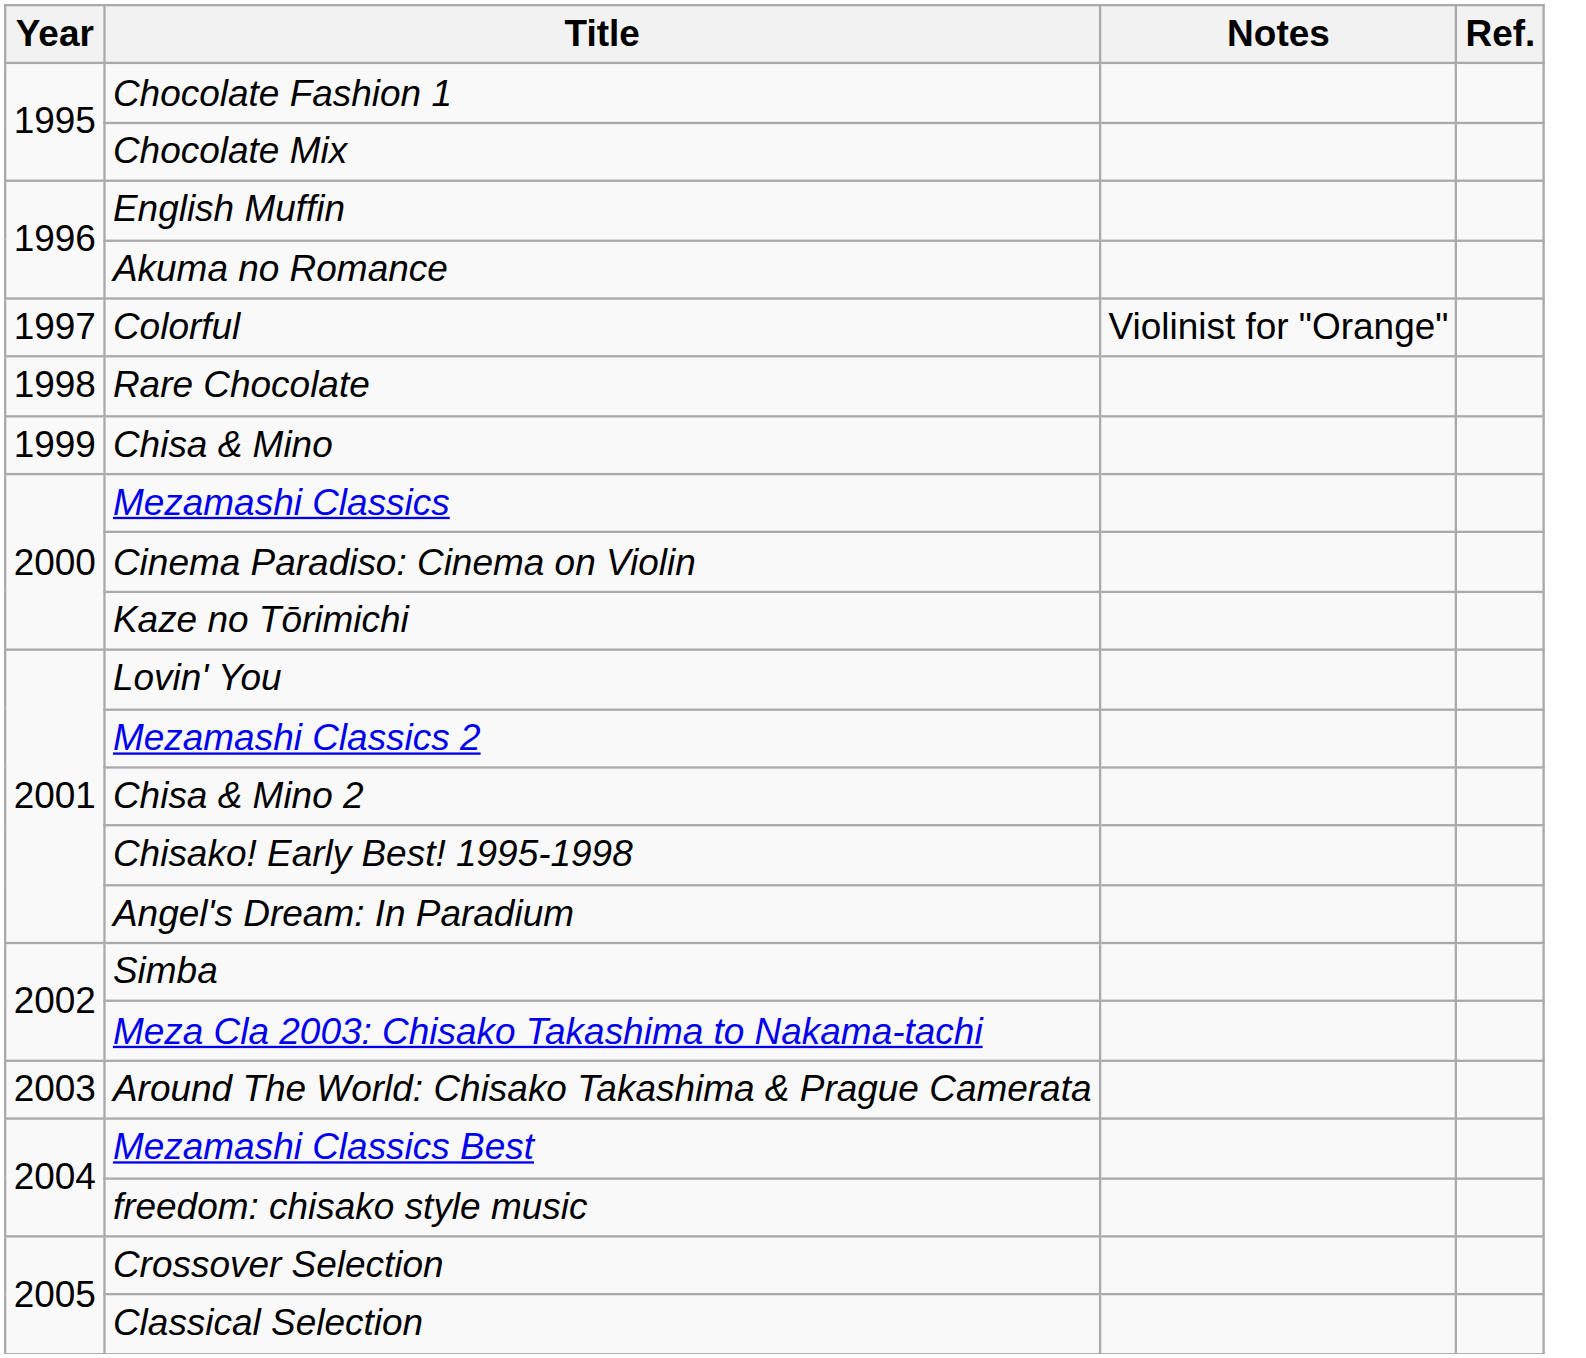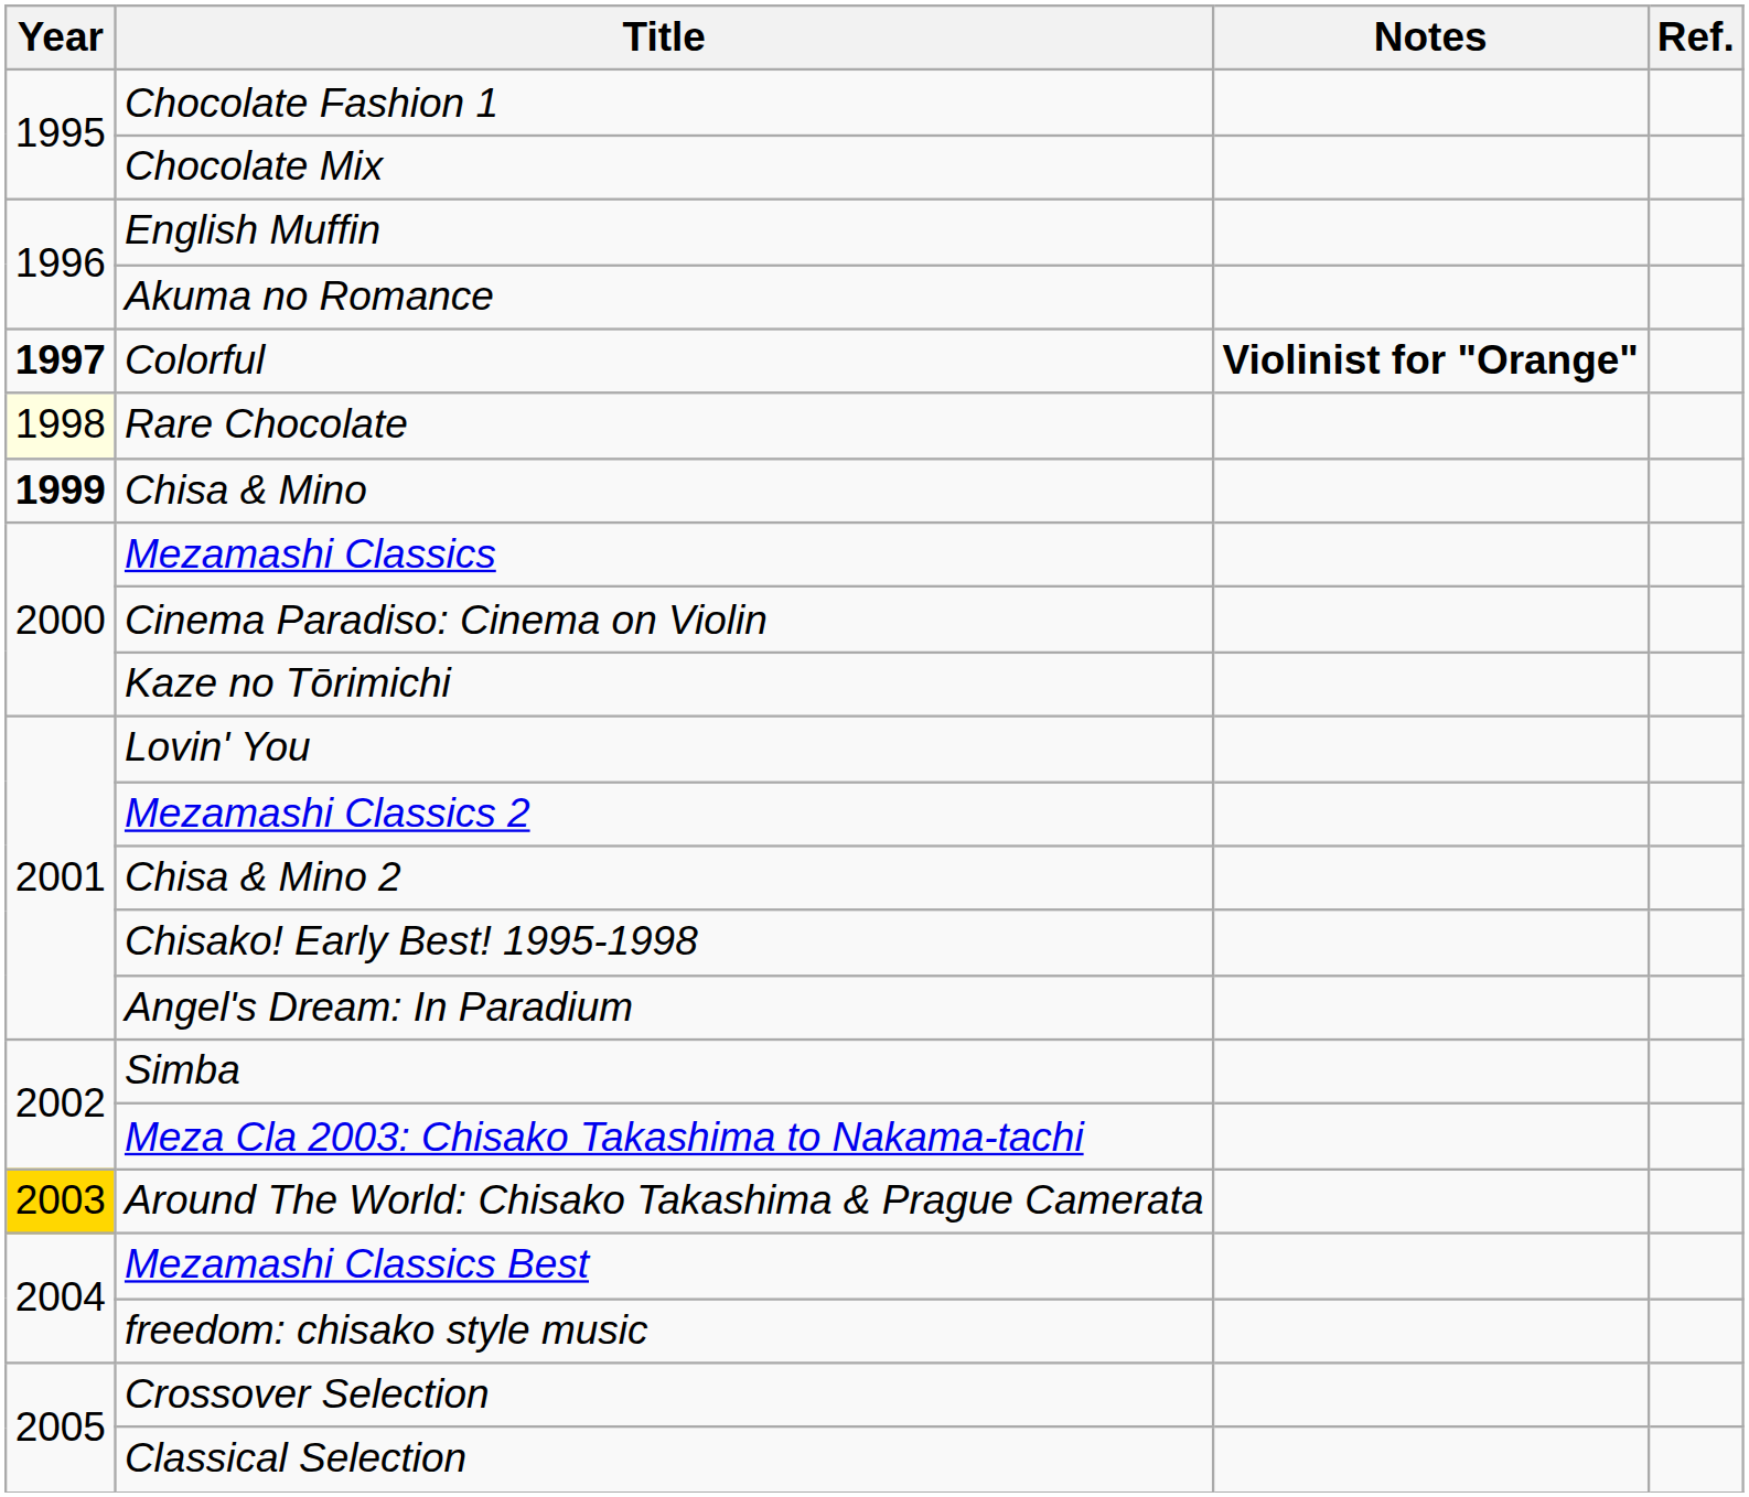 <table class="wikitable">
 <tr>
 <th>Year</th>
 <th>Title</th>
 <th>Notes</th>
 <th>Ref.</th>
 </tr>
 <tr>
 <td rowspan="2">1995</td>
 <td><em>Chocolate Fashion 1</em></td>
 <td></td>
 <td></td>
 </tr>
 <tr>
 <td><em>Chocolate Mix</em></td>
 <td></td>
 <td></td>
 </tr>
 <tr>
 <td rowspan="2">1996</td>
 <td><em>English Muffin</em></td>
 <td></td>
 <td></td>
 </tr>
 <tr>
 <td><em>Akuma no Romance</em></td>
 <td></td>
 <td></td>
 </tr>
 <tr>
-<td>1997</td>
+<td><strong>1997</strong></td>
 <td><em>Colorful</em></td>
-<td>Violinist for "Orange"</td>
+<td><strong>Violinist for "Orange"</strong></td>
 <td></td>
 </tr>
 <tr>
-<td>1998</td>
+<td style="background: lightyellow;">1998</td>
 <td><em>Rare Chocolate</em></td>
 <td></td>
 <td></td>
 </tr>
 <tr>
-<td>1999</td>
+<td><strong>1999</strong></td>
 <td><em>Chisa & Mino</em></td>
 <td></td>
 <td></td>
 </tr>
 <tr>
 <td rowspan="3">2000</td>
 <td><em><a href='#'>Mezamashi Classics</a></em></td>
 <td></td>
 <td></td>
 </tr>
 <tr>
 <td><em>Cinema Paradiso: Cinema on Violin</em></td>
 <td></td>
 <td></td>
 </tr>
 <tr>
 <td><em>Kaze no Tōrimichi</em></td>
 <td></td>
 <td></td>
 </tr>
 <tr>
 <td rowspan="5">2001</td>
 <td><em>Lovin' You</em></td>
 <td></td>
 <td></td>
 </tr>
 <tr>
 <td><em><a href='#'>Mezamashi Classics 2</a></em></td>
 <td></td>
 <td></td>
 </tr>
 <tr>
 <td><em>Chisa & Mino 2</em></td>
 <td></td>
 <td></td>
 </tr>
 <tr>
 <td><em>Chisako! Early Best! 1995-1998</em></td>
 <td></td>
 <td></td>
 </tr>
 <tr>
 <td><em>Angel's Dream: In Paradium</em></td>
 <td></td>
 <td></td>
 </tr>
 <tr>
 <td rowspan="2">2002</td>
 <td><em>Simba</em></td>
 <td></td>
 <td></td>
 </tr>
 <tr>
 <td><em><a href='#'>Meza Cla 2003: Chisako Takashima to Nakama-tachi</a></em></td>
 <td></td>
 <td></td>
 </tr>
 <tr>
-<td>2003</td>
+<td style="background: gold;">2003</td>
 <td><em>Around The World: Chisako Takashima & Prague Camerata</em></td>
 <td></td>
 <td></td>
 </tr>
 <tr>
 <td rowspan="2">2004</td>
 <td><em><a href='#'>Mezamashi Classics Best</a></em></td>
 <td></td>
 <td></td>
 </tr>
 <tr>
 <td><em>freedom: chisako style music</em></td>
 <td></td>
 <td></td>
 </tr>
 <tr>
 <td rowspan="2">2005</td>
 <td><em>Crossover Selection</em></td>
 <td></td>
 <td></td>
 </tr>
 <tr>
 <td><em>Classical Selection</em></td>
 <td></td>
 <td></td>
 </tr>
 </table>
